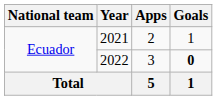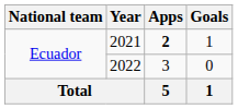 <table class="wikitable" style="text-align:center">
 <tr>
 <th>National team</th>
 <th>Year</th>
 <th>Apps</th>
 <th>Goals</th>
 </tr>
 <tr>
 <td rowspan="2"><a href='#'>Ecuador</a></td>
 <td>2021</td>
-<td>2</td>
+<td><strong>2</strong></td>
 <td>1</td>
 </tr>
 <tr>
 <td>2022</td>
 <td>3</td>
-<td><strong>0</strong></td>
+<td>0</td>
 </tr>
 <tr>
 <th colspan="2">Total</th>
 <th>5</th>
 <th>1</th>
 </tr>
 </table>
